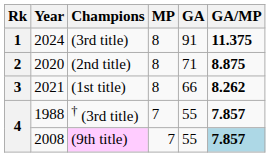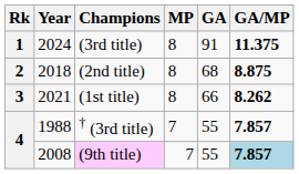 <table class="wikitable sticky-header defaultright col2center col3left" style="margin-left: 1em; margin-right: 1em; display: inline-table;">
 <tr>
 <th scope="col">Rk</th>
 <th scope="col">Year</th>
 <th scope="col">Champions</th>
 <th scope="col">MP</th>
 <th scope="col">GA</th>
 <th scope="col">GA/MP</th>
 </tr>
 <tr>
 <th scope="row">1</th>
 <td>2024</td>
 <td> (3rd title)</td>
 <td>8</td>
 <td>91</td>
 <td><strong>11.375</strong></td>
 </tr>
 <tr>
 <th scope="row">2</th>
-<td>2020</td>
+<td>2018</td>
 <td> (2nd title)</td>
 <td>8</td>
-<td>71</td>
+<td>68</td>
 <td><strong>8.875</strong></td>
 </tr>
 <tr>
 <th scope="row">3</th>
 <td>2021</td>
 <td> (1st title)</td>
 <td>8</td>
 <td>66</td>
 <td><strong>8.262</strong></td>
 </tr>
 <tr>
 <th scope="rowgroup" rowspan="2">4</th>
 <td>1988</td>
 <td><em></em><sup>†</sup> (3rd title)</td>
 <td>7</td>
 <td>55</td>
 <td><strong>7.857</strong></td>
 </tr>
 <tr>
 <td style="text-align: center;">2008</td>
 <td style="background-color: #ffccff; text-align: left;"> (9th title)</td>
 <td style="text-align: right;">7</td>
 <td>55</td>
 <td style="background: lightblue;"><strong>7.857</strong></td>
 </tr>
 </table>
